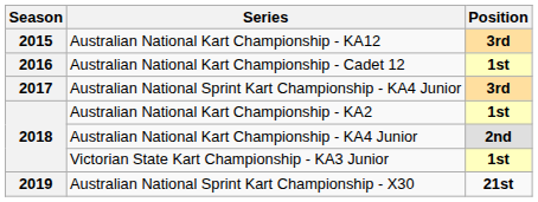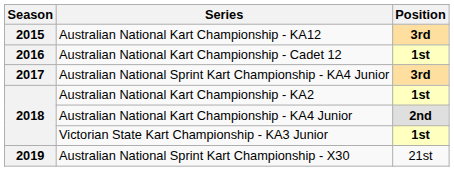 <table class="wikitable" style="font-size: 85%; text-align:center">
 <tr>
 <th>Season</th>
 <th>Series</th>
 <th>Position</th>
 </tr>
 <tr>
 <th>2015</th>
 <td align="left">Australian National Kart Championship - KA12</td>
 <td align="center" style="background: #ffdf9f"><strong>3rd</strong></td>
 </tr>
 <tr>
 <th>2016</th>
 <td align="left">Australian National Kart Championship - Cadet 12</td>
 <td align="center" style="background: #ffffbf"><strong>1st</strong></td>
 </tr>
 <tr>
 <th>2017</th>
 <td align="left">Australian National Sprint Kart Championship - KA4 Junior</td>
 <td align="center" style="background: #ffdf9f"><strong>3rd</strong></td>
 </tr>
 <tr>
 <th rowspan=3>2018</th>
 <td align="left">Australian National Kart Championship - KA2</td>
 <td align="center" style="background: #ffffbf"><strong>1st</strong></td>
 </tr>
 <tr>
 <td align="left">Australian National Kart Championship - KA4 Junior</td>
 <td align="center" style="background:#dfdfdf"><strong>2nd</strong></td>
 </tr>
 <tr>
 <td align="left">Victorian State Kart Championship - KA3 Junior</td>
 <td align="center" style="background: #ffffbf"><strong>1st</strong></td>
 </tr>
 <tr>
 <th>2019</th>
 <td align="left">Australian National Sprint Kart Championship - X30</td>
-<td><strong>21st</strong></td>
+<td>21st</td>
 </tr>
 </table>
